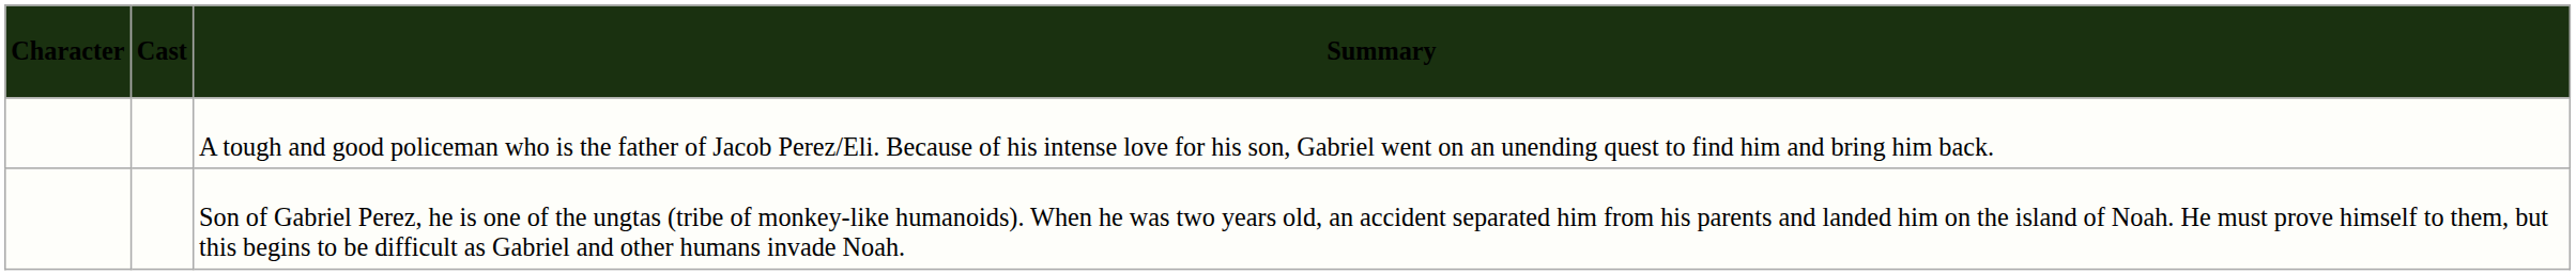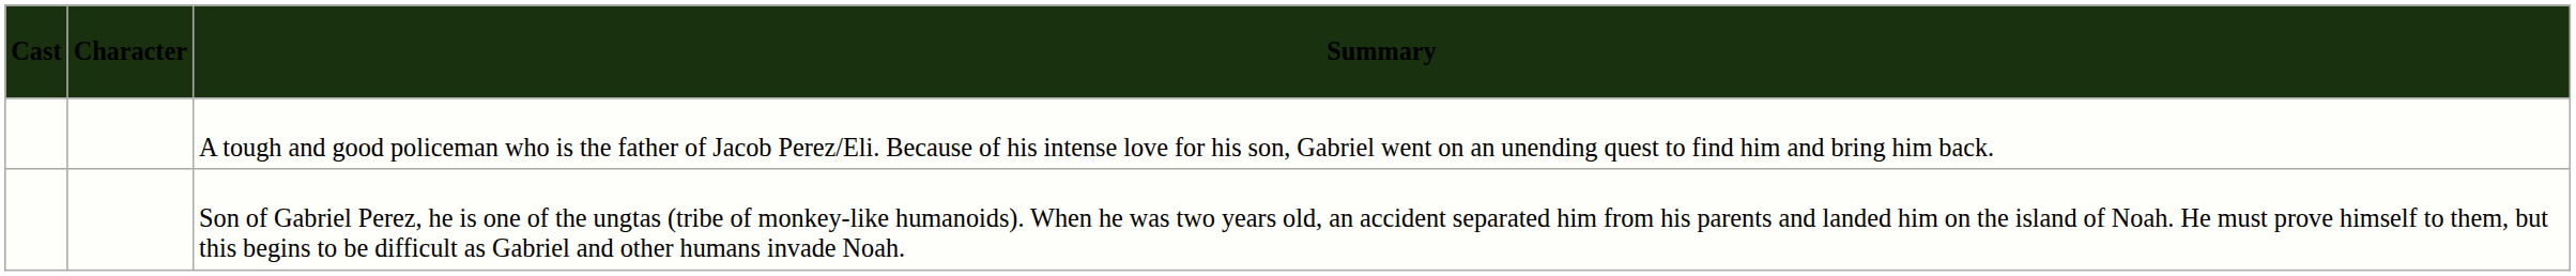 <table class="wikitable" style=" background:#FEFEFA; font-size: 99%;">
 <tr>
+<th style="background:#1A3110;"><p>Cast</p></th>
 <th style="background:#1A3110; "><p>Character</p></th>
-<th style="background:#1A3110;"><p>Cast</p></th>
 <th style="background:#1A3110;"><p>Summary</p></th>
 </tr>
 <tr>
 <td></td>
 <td></td>
 <td><br>A tough and good policeman who is the father of Jacob Perez/Eli. Because of his intense love for his son, Gabriel went on an unending quest to find him and bring him back.</td>
 </tr>
 <tr>
 <td></td>
 <td></td>
 <td><br>Son of Gabriel Perez, he is one of the ungtas (tribe of monkey-like humanoids). When he was two years old, an accident separated him from his parents and landed him on the island of Noah. He must prove himself to them, but this begins to be difficult as Gabriel and other humans invade Noah.</td>
 </tr>
 </table>
